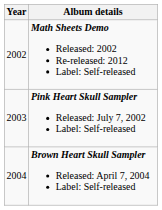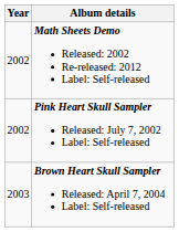 <table class="wikitable">
 <tr>
 <th>Year</th>
 <th width="200">Album details</th>
 </tr>
 <tr>
 <td>2002</td>
 <td><strong><em>Math Sheets Demo</em></strong><br><ul><li>Released: 2002</li><li>Re-released: 2012</li><li>Label: Self-released</li></ul></td>
 </tr>
 <tr>
-<td>2003</td>
+<td>2002</td>
 <td><strong><em>Pink Heart Skull Sampler</em></strong><br><ul><li>Released: July 7, 2002</li><li>Label: Self-released</li></ul></td>
 </tr>
 <tr>
-<td>2004</td>
+<td>2003</td>
 <td><strong><em>Brown Heart Skull Sampler</em></strong><br><ul><li>Released: April 7, 2004</li><li>Label: Self-released</li></ul></td>
 </tr>
 </table>
